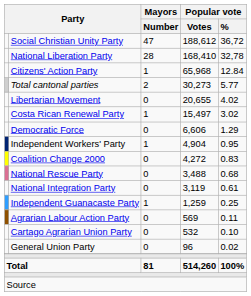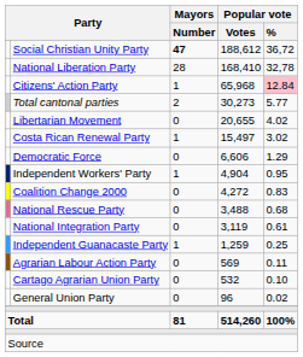 <table class="wikitable" style="text-align:left;font-size:95%;">
 <tr>
 <th colspan="2" rowspan="2">Party</th>
 <th colspan="1">Mayors</th>
 <th colspan="2">Popular vote</th>
 </tr>
 <tr>
 <th valign="top">Number</th>
 <th valign="top">Votes</th>
 <th style="text-align: left;" valign="top">%</th>
 </tr>
 <tr>
 <td></td>
 <td><a href='#'>Social Christian Unity Party</a></td>
-<td>47</td>
+<td><strong>47</strong></td>
 <td>188,612</td>
 <td>36,72</td>
 </tr>
 <tr>
 <td></td>
 <td><a href='#'>National Liberation Party</a></td>
 <td>28</td>
 <td>168,410</td>
 <td>32,78</td>
 </tr>
 <tr>
 <td></td>
 <td><a href='#'>Citizens' Action Party</a></td>
 <td>1</td>
 <td>65,968</td>
-<td>12.84</td>
+<td style="background: pink;">12.84</td>
 </tr>
 <tr>
 <td bgcolor="#cfcfcf"></td>
 <td><em>Total cantonal parties</em></td>
 <td>2</td>
 <td>30,273</td>
 <td>5.77</td>
 </tr>
 <tr>
 <td></td>
 <td><a href='#'>Libertarian Movement</a></td>
 <td>0</td>
 <td>20,655</td>
 <td>4.02</td>
 </tr>
 <tr>
 <td></td>
 <td><a href='#'>Costa Rican Renewal Party</a></td>
 <td>1</td>
 <td>15,497</td>
 <td>3.02</td>
 </tr>
 <tr>
 <td></td>
 <td><a href='#'>Democratic Force</a></td>
 <td>0</td>
 <td>6,606</td>
 <td>1.29</td>
 </tr>
 <tr>
 <td bgcolor="#002373"></td>
 <td>Independent Workers' Party</td>
 <td>1</td>
 <td>4,904</td>
 <td>0.95</td>
 </tr>
 <tr>
 <td bgcolor="yellow"></td>
 <td><a href='#'>Coalition Change 2000</a></td>
 <td>0</td>
 <td>4,272</td>
 <td>0.83</td>
 </tr>
 <tr>
 <td bgcolor="#DB7093"></td>
 <td><a href='#'>National Rescue Party</a></td>
 <td>0</td>
 <td>3,488</td>
 <td>0.68</td>
 </tr>
 <tr>
 <td></td>
 <td><a href='#'>National Integration Party</a></td>
 <td>0</td>
 <td>3,119</td>
 <td>0.61</td>
 </tr>
 <tr>
 <td bgcolor="#2e9eff"></td>
 <td><a href='#'>Independent Guanacaste Party</a></td>
 <td>1</td>
 <td>1,259</td>
 <td>0.25</td>
 </tr>
 <tr>
 <td bgcolor="#8f5100"></td>
 <td><a href='#'>Agrarian Labour Action Party</a></td>
 <td>0</td>
 <td>569</td>
 <td>0.11</td>
 </tr>
 <tr>
 <td></td>
 <td><a href='#'>Cartago Agrarian Union Party</a></td>
 <td>0</td>
 <td>532</td>
 <td>0.10</td>
 </tr>
 <tr>
 <td></td>
 <td>General Union Party</td>
 <td>0</td>
 <td>96</td>
 <td>0.02</td>
 </tr>
 <tr>
 </tr>
 <tr>
 <td colspan="5" bgcolor="#E9E9E9"></td>
 </tr>
 <tr>
 <td colspan="2"><strong>Total</strong></td>
 <td><strong>81</strong></td>
 <td><strong>514,260</strong></td>
 <td><strong>100%</strong></td>
 </tr>
 <tr>
 <td colspan="5" bgcolor="#E9E9E9"></td>
 </tr>
 <tr>
 <td colspan=6>Source</td>
 </tr>
 </table>
